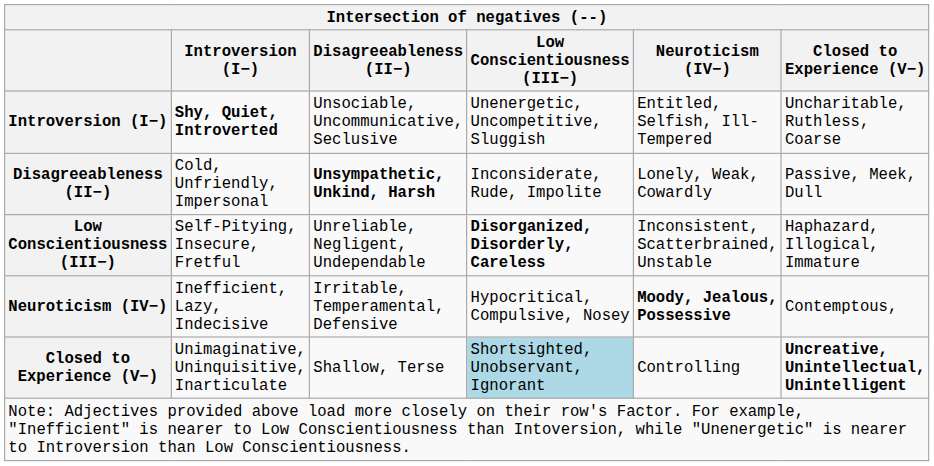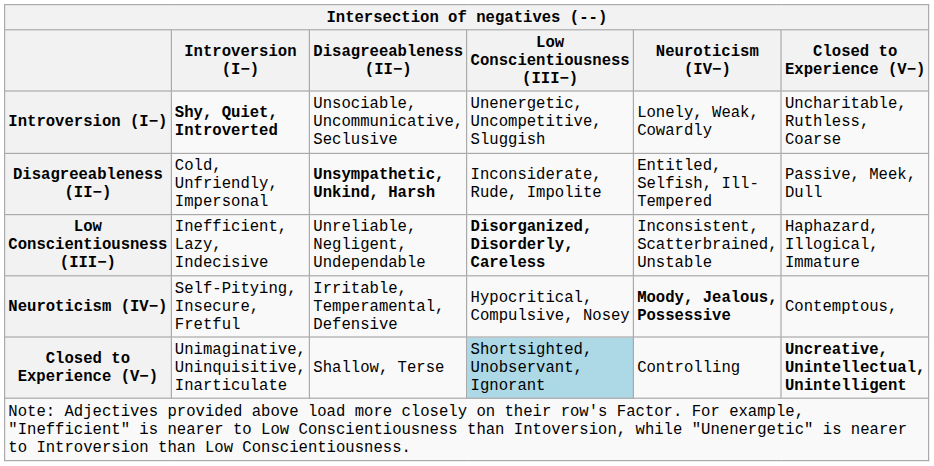 <table class="wikitable">
 <tr>
 <th colspan="6">Intersection of negatives (--)</th>
 </tr>
 <tr>
 <th></th>
 <th>Introversion (I−)</th>
 <th>Disagreeableness (II−)</th>
 <th>Low Conscientiousness (III−)</th>
 <th>Neuroticism (IV−)</th>
 <th>Closed to Experience (V−)</th>
 </tr>
 <tr>
 <th>Introversion (I−)</th>
 <td><strong>Shy, Quiet, Introverted</strong></td>
 <td>Unsociable, Uncommunicative, Seclusive</td>
 <td>Unenergetic, Uncompetitive, Sluggish</td>
-<td>Entitled, Selfish, Ill-Tempered</td>
+<td>Lonely, Weak, Cowardly</td>
 <td>Uncharitable, Ruthless, Coarse</td>
 </tr>
 <tr>
 <th>Disagreeableness (II−)</th>
 <td>Cold, Unfriendly, Impersonal</td>
 <td><strong>Unsympathetic, Unkind, Harsh</strong></td>
 <td>Inconsiderate, Rude, Impolite</td>
-<td>Lonely, Weak, Cowardly</td>
+<td>Entitled, Selfish, Ill-Tempered</td>
 <td>Passive, Meek, Dull</td>
 </tr>
 <tr>
 <th>Low Conscientiousness (III−)</th>
-<td>Self-Pitying, Insecure, Fretful</td>
+<td>Inefficient, Lazy, Indecisive</td>
 <td>Unreliable, Negligent, Undependable</td>
 <td><strong>Disorganized, Disorderly, Careless</strong></td>
 <td>Inconsistent, Scatterbrained, Unstable</td>
 <td>Haphazard, Illogical, Immature</td>
 </tr>
 <tr>
 <th>Neuroticism (IV−)</th>
-<td>Inefficient, Lazy, Indecisive</td>
+<td>Self-Pitying, Insecure, Fretful</td>
 <td>Irritable, Temperamental, Defensive</td>
 <td>Hypocritical, Compulsive, Nosey</td>
 <td><strong>Moody, Jealous, Possessive</strong></td>
 <td>Contemptous,</td>
 </tr>
 <tr>
 <th>Closed to Experience (V−)</th>
 <td>Unimaginative, Uninquisitive, Inarticulate</td>
 <td>Shallow, Terse</td>
 <td style="background: lightblue;">Shortsighted, Unobservant, Ignorant</td>
 <td>Controlling</td>
 <td><strong>Uncreative, Unintellectual, Unintelligent</strong></td>
 </tr>
 <tr>
 <td colspan="6">Note: Adjectives provided above load more closely on their row's Factor. For example, "Inefficient" is nearer to Low Conscientiousness than Intoversion, while "Unenergetic" is nearer to Introversion than Low Conscientiousness.</td>
 </tr>
 </table>
